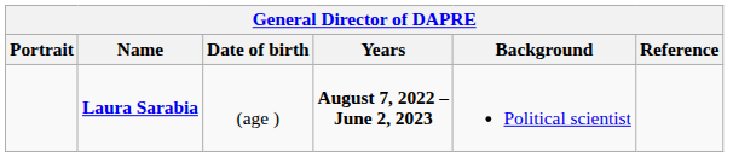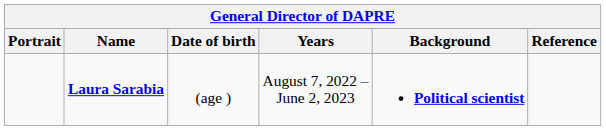 <table class="wikitable collapsible" style="text-align:center;">
 <tr>
 <th colspan="6"><a href='#'>General Director of DAPRE</a></th>
 </tr>
 <tr>
 <th>Portrait</th>
 <th>Name</th>
 <th>Date of birth</th>
 <th>Years</th>
 <th>Background</th>
 <th>Reference</th>
 </tr>
 <tr>
 <td></td>
 <td><strong><a href='#'>Laura Sarabia</a></strong></td>
 <td><br>(age )</td>
-<td nowrap><strong>August 7, 2022 –<br>June 2, 2023</strong></td>
-<td><br><ul><li><a href='#'>Political scientist</a></li></ul></td>
+<td nowrap>August 7, 2022 –<br>June 2, 2023</td>
+<td><strong><br><ul><li><a href='#'>Political scientist</a></li></ul></strong></td>
 <td></td>
 </tr>
 </table>
